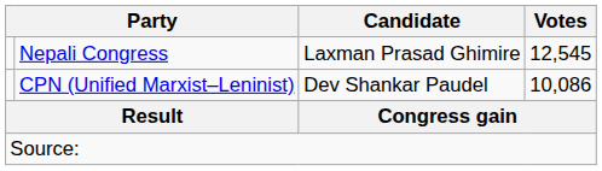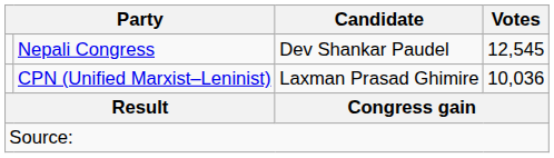 <table class="wikitable">
 <tr>
 <th colspan="2">Party</th>
 <th>Candidate</th>
 <th>Votes</th>
 </tr>
 <tr>
 <td style="background-color:"></td>
 <td><a href='#'>Nepali Congress</a></td>
-<td>Laxman Prasad Ghimire</td>
+<td>Dev Shankar Paudel</td>
 <td>12,545</td>
 </tr>
 <tr>
 <td style="background-color:"></td>
 <td><a href='#'>CPN (Unified Marxist–Leninist)</a></td>
-<td>Dev Shankar Paudel</td>
-<td>10,086</td>
+<td>Laxman Prasad Ghimire</td>
+<td>10,036</td>
 </tr>
 <tr>
 <th colspan="2">Result</th>
 <th colspan="2">Congress gain</th>
 </tr>
 <tr>
 <td colspan="4">Source: </td>
 </tr>
 </table>
